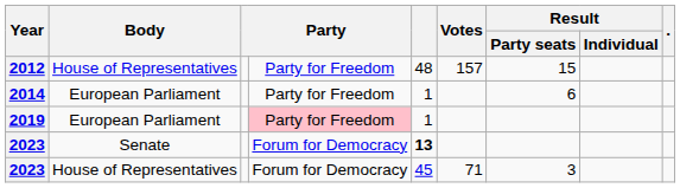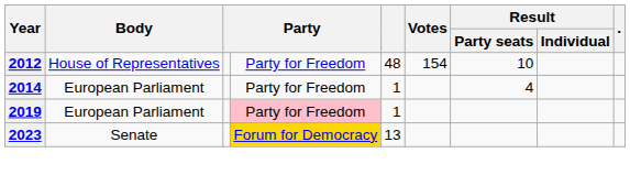 <table class="wikitable plainrowheaders sortable" border=2 cellpadding=4 cellspacing=0 style="border: 1px #aaa solid; font-size: 90%; text-align:center;">
 <tr>
 <th scope="col" rowspan=2>Year</th>
 <th scope="col" rowspan=2>Body</th>
 <th scope="col" colspan=2 rowspan=2>Party</th>
 <th scope="col" rowspan=2></th>
 <th scope="col" rowspan=2>Votes</th>
 <th scope="colgroup" colspan=2>Result</th>
 <th scope="col" rowspan=2 class="unsortable">.</th>
 </tr>
 <tr>
 <th scope="col">Party seats</th>
 <th scope="col">Individual</th>
 </tr>
 <tr>
 <th scope="row"><a href='#'>2012</a></th>
 <td><a href='#'>House of Representatives</a></td>
 <td style="background-color:"></td>
 <td><a href='#'>Party for Freedom</a></td>
 <td style=text-align:right>48</td>
-<td style=text-align:right>157</td>
-<td style=text-align:right>15</td>
+<td style=text-align:right>154</td>
+<td style=text-align:right>10</td>
 <td></td>
 <td></td>
 </tr>
 <tr>
 <th scope="row"><a href='#'>2014</a></th>
 <td>European Parliament</td>
 <td style="background-color:"></td>
 <td>Party for Freedom</td>
 <td style=text-align:right>1</td>
 <td style=text-align:right></td>
-<td style=text-align:right>6</td>
+<td style=text-align:right>4</td>
 <td></td>
 <td></td>
 </tr>
 <tr>
 <th scope="row"><a href='#'>2019</a></th>
 <td>European Parliament</td>
 <td style="background-color:"></td>
 <td style="background: pink;">Party for Freedom</td>
 <td style=text-align:right>1</td>
 <td style=text-align:right></td>
 <td style=text-align:right></td>
 <td></td>
 <td></td>
 </tr>
 <tr>
 <th scope="row"><a href='#'>2023</a></th>
 <td>Senate</td>
 <td style="background-color:"></td>
-<td><a href='#'>Forum for Democracy</a></td>
-<td style=text-align:right><strong>13</strong></td>
+<td style="background: gold;"><a href='#'>Forum for Democracy</a></td>
+<td style=text-align:right>13</td>
 <td style=text-align:right></td>
 <td style=text-align:right></td>
 <td></td>
 <td></td>
 </tr>
-<tr>
-<th scope="row"><a href='#'>2023</a></th>
-<td>House of Representatives</td>
-<td style="background-color:"></td>
-<td>Forum for Democracy</td>
-<td style=text-align:right><a href='#'>45</a></td>
-<td style=text-align:right>71</td>
-<td style=text-align:right>3</td>
-<td></td>
-<td></td>
-</tr>
 </table>
